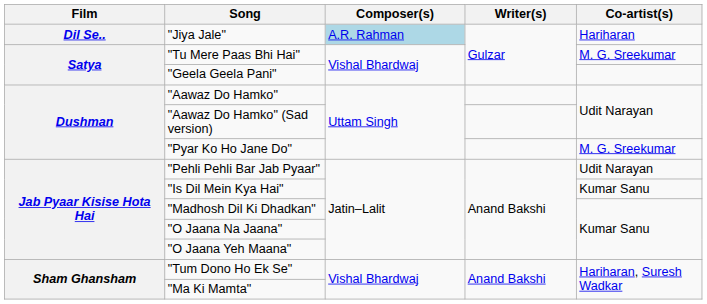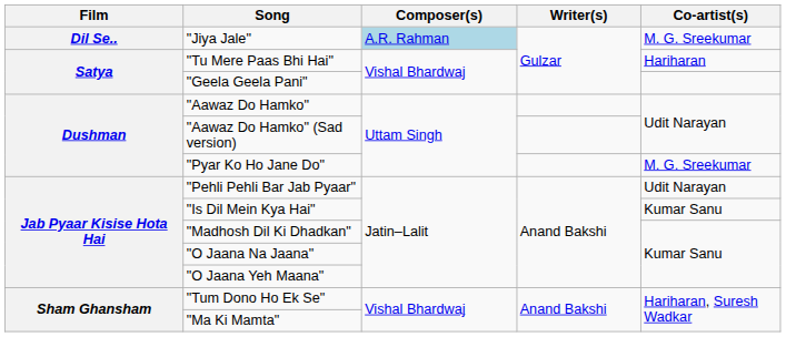 <table class="wikitable plainrowheaders" style="width:100%; textcolor:#000">
 <tr style="background:#b0e0e66;">
 <th scope="col" style="width:23%;"><strong>Film</strong></th>
 <th scope="col" style="width:23%;"><strong>Song</strong></th>
 <th scope="col" style="width:20%;"><strong>Composer(s)</strong></th>
 <th scope="col" style="width:16%;"><strong>Writer(s)</strong></th>
 <th scope="col" style="width:18%;"><strong>Co-artist(s)</strong></th>
 </tr>
 <tr>
 <th><em><a href='#'>Dil Se..</a></em></th>
 <td>"Jiya Jale"</td>
 <td style="background: lightblue;"><a href='#'>A.R. Rahman</a></td>
 <td rowspan=3><a href='#'>Gulzar</a></td>
-<td><a href='#'>Hariharan</a></td>
+<td><a href='#'>M. G. Sreekumar</a></td>
 </tr>
 <tr>
 <th rowspan=2><em><a href='#'>Satya</a></em></th>
 <td>"Tu Mere Paas Bhi Hai"</td>
 <td rowspan=2><a href='#'>Vishal Bhardwaj</a></td>
-<td><a href='#'>M. G. Sreekumar</a></td>
+<td><a href='#'>Hariharan</a></td>
 </tr>
 <tr>
 <td>"Geela Geela Pani"</td>
 <td></td>
 </tr>
 <tr>
 <th Rowspan=3><em><a href='#'>Dushman</a></em></th>
 <td>"Aawaz Do Hamko"</td>
 <td rowspan=3><a href='#'>Uttam Singh</a></td>
 <td></td>
 <td rowspan=2>Udit Narayan</td>
 </tr>
 <tr>
 <td>"Aawaz Do Hamko" (Sad version)</td>
 <td></td>
 </tr>
 <tr>
 <td>"Pyar Ko Ho Jane Do"</td>
 <td></td>
 <td><a href='#'>M. G. Sreekumar</a></td>
 </tr>
 <tr>
 <th Rowspan=5><em><a href='#'>Jab Pyaar Kisise Hota Hai</a></em></th>
 <td>"Pehli Pehli Bar Jab Pyaar"</td>
 <td rowspan=5>Jatin–Lalit</td>
 <td rowspan=5>Anand Bakshi</td>
 <td>Udit Narayan</td>
 </tr>
 <tr>
 <td>"Is Dil Mein Kya Hai"</td>
 <td>Kumar Sanu</td>
 </tr>
 <tr>
 <td>"Madhosh Dil Ki Dhadkan"</td>
 <td rowspan=3>Kumar Sanu</td>
 </tr>
 <tr>
 <td>"O Jaana Na Jaana"</td>
 </tr>
 <tr>
 <td>"O Jaana Yeh Maana"</td>
 </tr>
 <tr>
 <th Rowspan=2><em>Sham Ghansham</em></th>
 <td>"Tum Dono Ho Ek Se"</td>
 <td rowspan=2><a href='#'>Vishal Bhardwaj</a></td>
 <td rowspan=2><a href='#'>Anand Bakshi</a></td>
 <td rowspan=2><a href='#'>Hariharan</a>, <a href='#'>Suresh Wadkar</a></td>
 </tr>
 <tr>
 <td>"Ma Ki Mamta"</td>
 </tr>
 </table>
